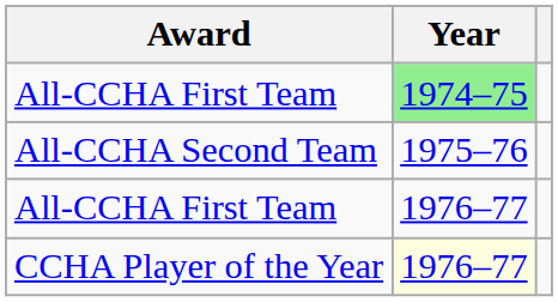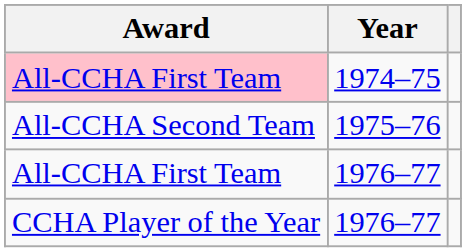 <table class="wikitable">
 <tr>
 <th>Award</th>
 <th>Year</th>
 <th></th>
 </tr>
 <tr>
-<td><a href='#'>All-CCHA First Team</a></td>
-<td style="background: lightgreen;"><a href='#'>1974–75</a></td>
+<td style="background: pink;"><a href='#'>All-CCHA First Team</a></td>
+<td><a href='#'>1974–75</a></td>
 <td></td>
 </tr>
 <tr>
 <td><a href='#'>All-CCHA Second Team</a></td>
 <td><a href='#'>1975–76</a></td>
 <td></td>
 </tr>
 <tr>
 <td><a href='#'>All-CCHA First Team</a></td>
 <td><a href='#'>1976–77</a></td>
 <td></td>
 </tr>
 <tr>
 <td><a href='#'>CCHA Player of the Year</a></td>
-<td style="background: lightyellow;"><a href='#'>1976–77</a></td>
+<td><a href='#'>1976–77</a></td>
 <td></td>
 </tr>
 </table>
